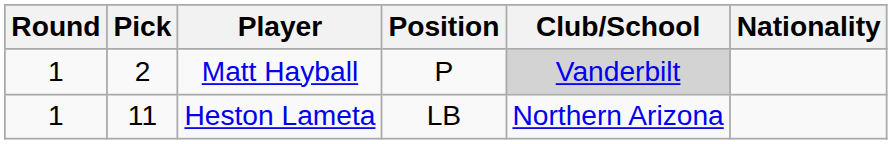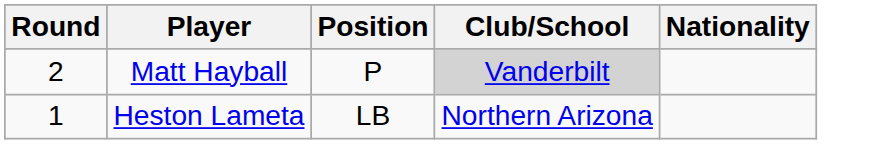 <table class="wikitable sortable">
 <tr>
 <th scope="col">Round</th>
-<th scope="col">Pick</th>
 <th scope="col">Player</th>
 <th scope="col">Position</th>
 <th scope="col">Club/School</th>
 <th scope="col">Nationality</th>
 </tr>
 <tr align="center">
-<td align=center>1</td>
-<td>2</td>
+<td align=center>2</td>
 <td><a href='#'>Matt Hayball</a></td>
 <td>P</td>
 <td style="background: lightgrey;"><a href='#'>Vanderbilt</a></td>
 <td></td>
 </tr>
 <tr align="center">
 <td align=center>1</td>
-<td>11</td>
 <td><a href='#'>Heston Lameta</a></td>
 <td>LB</td>
 <td><a href='#'>Northern Arizona</a></td>
 <td></td>
 </tr>
 </table>
